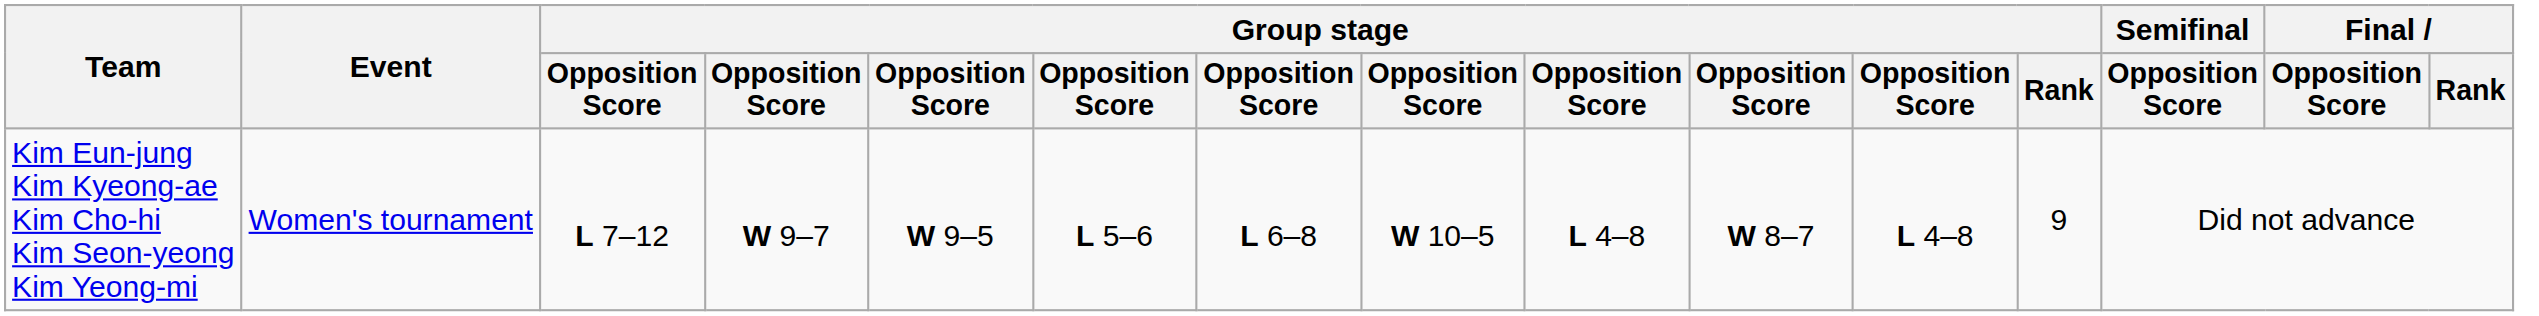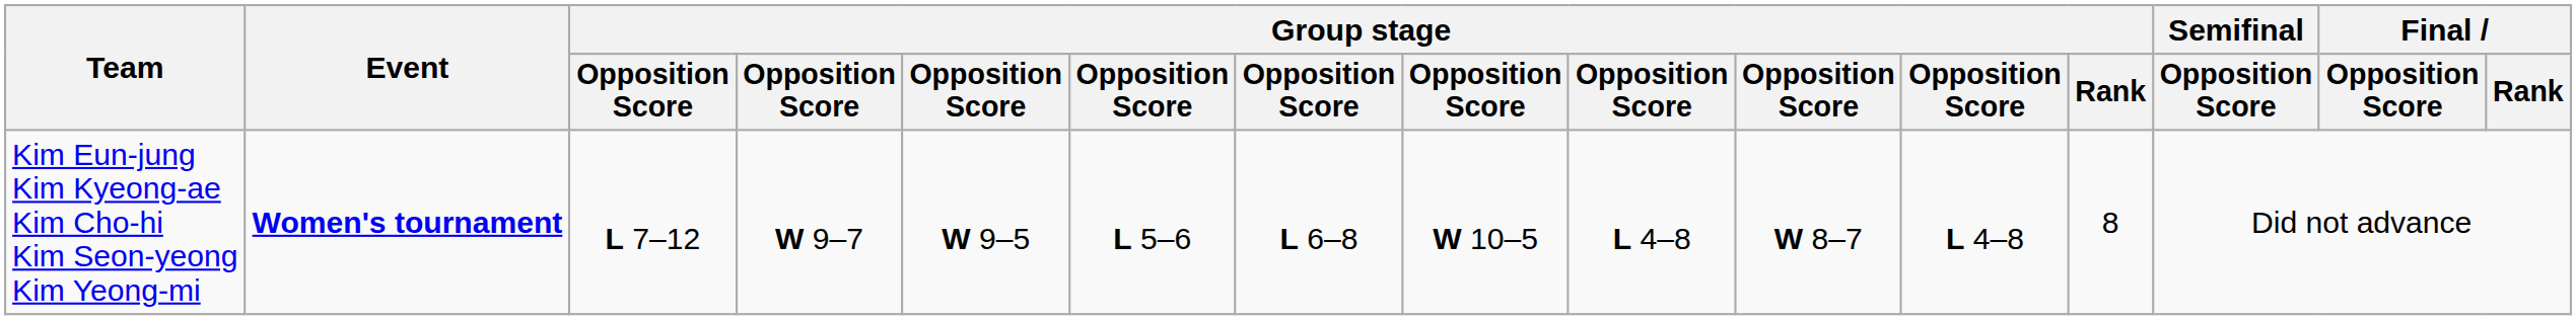 <table class=wikitable style=font-size:90%;text-align:center>
 <tr>
 <th rowspan=2>Team</th>
 <th rowspan=2>Event</th>
 <th colspan=10>Group stage</th>
 <th>Semifinal</th>
 <th colspan=2>Final / </th>
 </tr>
 <tr style="font-size:95%">
 <th>Opposition<br>Score</th>
 <th>Opposition<br>Score</th>
 <th>Opposition<br>Score</th>
 <th>Opposition<br>Score</th>
 <th>Opposition<br>Score</th>
 <th>Opposition<br>Score</th>
 <th>Opposition<br>Score</th>
 <th>Opposition<br>Score</th>
 <th>Opposition<br>Score</th>
 <th>Rank</th>
 <th>Opposition<br>Score</th>
 <th>Opposition<br>Score</th>
 <th>Rank</th>
 </tr>
 <tr>
 <td align=left><a href='#'>Kim Eun-jung</a><br><a href='#'>Kim Kyeong-ae</a><br><a href='#'>Kim Cho-hi</a><br><a href='#'>Kim Seon-yeong</a><br><a href='#'>Kim Yeong-mi</a></td>
-<td align=left><a href='#'>Women's tournament</a></td>
+<td align=left><strong><a href='#'>Women's tournament</a></strong></td>
 <td><br><strong>L</strong> 7–12</td>
 <td><br><strong>W</strong> 9–7</td>
 <td><br><strong>W</strong> 9–5</td>
 <td><br><strong>L</strong> 5–6</td>
 <td><br><strong>L</strong> 6–8</td>
 <td><br><strong>W</strong> 10–5</td>
 <td><br><strong>L</strong> 4–8</td>
 <td><br><strong>W</strong> 8–7</td>
 <td><br><strong>L</strong> 4–8</td>
-<td>9</td>
+<td>8</td>
 <td colspan=3>Did not advance</td>
 </tr>
 </table>
